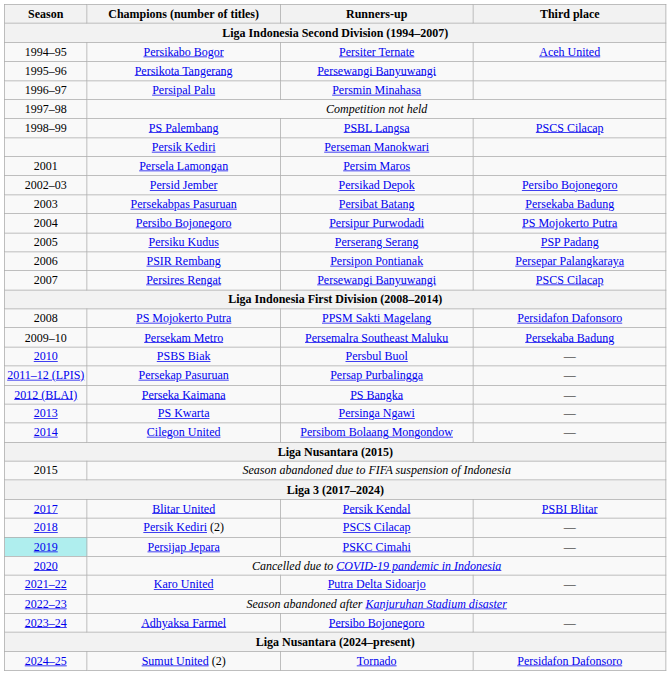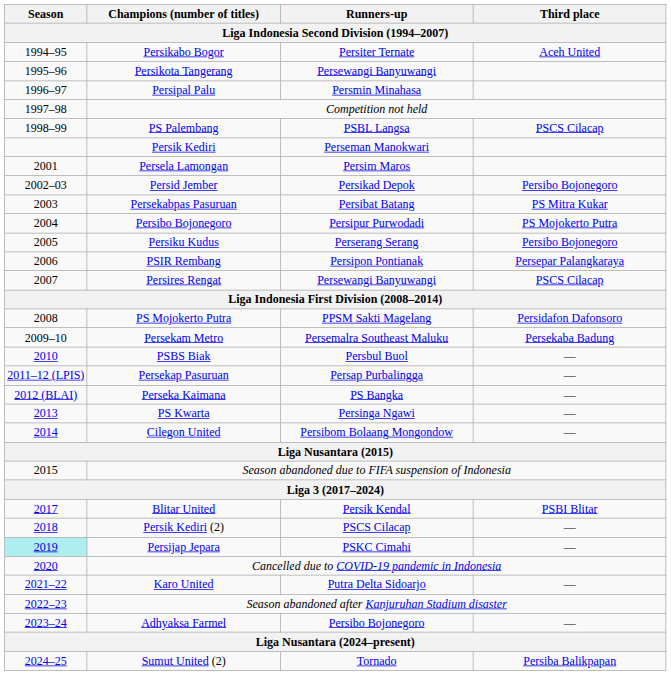 <table class="wikitable" style="text-align: center; white-space: nowrap;">
 <tr>
 <th width="80">Season</th>
 <th width="250">Champions (number of titles)</th>
 <th width="250">Runners-up</th>
 <th width="250">Third place</th>
 </tr>
 <tr>
 <th colspan="4">Liga Indonesia Second Division (1994–2007)</th>
 </tr>
 <tr>
 <td>1994–95</td>
 <td><a href='#'>Persikabo Bogor</a></td>
 <td><a href='#'>Persiter Ternate</a></td>
 <td><a href='#'>Aceh United</a></td>
 </tr>
 <tr>
 <td>1995–96</td>
 <td><a href='#'>Persikota Tangerang</a></td>
 <td><a href='#'>Persewangi Banyuwangi</a></td>
 <td></td>
 </tr>
 <tr>
 <td>1996–97</td>
 <td><a href='#'>Persipal Palu</a></td>
 <td><a href='#'>Persmin Minahasa</a></td>
 <td></td>
 </tr>
 <tr>
 <td>1997–98</td>
 <td colspan="3"><em>Competition not held</em></td>
 </tr>
 <tr>
 <td>1998–99</td>
 <td><a href='#'>PS Palembang</a></td>
 <td><a href='#'>PSBL Langsa</a></td>
 <td><a href='#'>PSCS Cilacap</a></td>
 </tr>
 <tr>
 <td></td>
 <td><a href='#'>Persik Kediri</a></td>
 <td><a href='#'>Perseman Manokwari</a></td>
 <td></td>
 </tr>
 <tr>
 <td>2001</td>
 <td><a href='#'>Persela Lamongan</a></td>
 <td><a href='#'>Persim Maros</a></td>
 <td></td>
 </tr>
 <tr>
 <td>2002–03</td>
 <td><a href='#'>Persid Jember</a></td>
 <td><a href='#'>Persikad Depok</a></td>
 <td><a href='#'>Persibo Bojonegoro</a></td>
 </tr>
 <tr>
 <td>2003</td>
 <td><a href='#'>Persekabpas Pasuruan</a></td>
 <td><a href='#'>Persibat Batang</a></td>
-<td><a href='#'>Persekaba Badung </a></td>
+<td><a href='#'>PS Mitra Kukar</a></td>
 </tr>
 <tr>
 <td>2004</td>
 <td><a href='#'>Persibo Bojonegoro</a></td>
 <td><a href='#'>Persipur Purwodadi</a></td>
 <td><a href='#'>PS Mojokerto Putra</a></td>
 </tr>
 <tr>
 <td>2005</td>
 <td><a href='#'>Persiku Kudus</a></td>
 <td><a href='#'>Perserang Serang</a></td>
-<td><a href='#'>PSP Padang</a></td>
+<td><a href='#'>Persibo Bojonegoro</a></td>
 </tr>
 <tr>
 <td>2006</td>
 <td><a href='#'>PSIR Rembang</a></td>
 <td><a href='#'>Persipon Pontianak</a></td>
 <td><a href='#'>Persepar Palangkaraya</a></td>
 </tr>
 <tr>
 <td>2007</td>
 <td><a href='#'>Persires Rengat</a></td>
 <td><a href='#'>Persewangi Banyuwangi</a></td>
 <td><a href='#'>PSCS Cilacap</a></td>
 </tr>
 <tr>
 <th colspan="4">Liga Indonesia First Division (2008–2014)</th>
 </tr>
 <tr>
 <td>2008</td>
 <td><a href='#'>PS Mojokerto Putra</a></td>
 <td><a href='#'>PPSM Sakti Magelang</a></td>
 <td><a href='#'>Persidafon Dafonsoro</a></td>
 </tr>
 <tr>
 <td>2009–10</td>
 <td><a href='#'>Persekam Metro</a></td>
 <td><a href='#'>Persemalra Southeast Maluku</a></td>
 <td><a href='#'>Persekaba Badung </a></td>
 </tr>
 <tr>
 <td><a href='#'>2010</a></td>
 <td><a href='#'>PSBS Biak</a></td>
 <td><a href='#'>Persbul Buol</a></td>
 <td>—</td>
 </tr>
 <tr>
 <td><a href='#'>2011–12 (LPIS)</a></td>
 <td><a href='#'>Persekap Pasuruan</a></td>
 <td><a href='#'>Persap Purbalingga</a></td>
 <td>—</td>
 </tr>
 <tr>
 <td><a href='#'>2012 (BLAI)</a></td>
 <td><a href='#'>Perseka Kaimana</a></td>
 <td><a href='#'>PS Bangka</a></td>
 <td>—</td>
 </tr>
 <tr>
 <td><a href='#'>2013</a></td>
 <td><a href='#'>PS Kwarta</a></td>
 <td><a href='#'>Persinga Ngawi</a></td>
 <td>—</td>
 </tr>
 <tr>
 <td><a href='#'>2014</a></td>
 <td><a href='#'>Cilegon United</a></td>
 <td><a href='#'>Persibom Bolaang Mongondow</a></td>
 <td>—</td>
 </tr>
 <tr>
 <th colspan="4">Liga Nusantara (2015)</th>
 </tr>
 <tr>
 <td>2015</td>
 <td colspan="3" align="center"><em>Season abandoned due to FIFA suspension of Indonesia</em></td>
 </tr>
 <tr>
 <th colspan="4">Liga 3 (2017–2024)</th>
 </tr>
 <tr>
 <td><a href='#'>2017</a></td>
 <td><a href='#'>Blitar United</a></td>
 <td><a href='#'>Persik Kendal</a></td>
 <td><a href='#'>PSBI Blitar</a></td>
 </tr>
 <tr>
 <td><a href='#'>2018</a></td>
 <td><a href='#'>Persik Kediri</a> (2)</td>
 <td><a href='#'>PSCS Cilacap</a></td>
 <td>—</td>
 </tr>
 <tr>
 <td style="background: paleturquoise;"><a href='#'>2019</a></td>
 <td><a href='#'>Persijap Jepara</a></td>
 <td><a href='#'>PSKC Cimahi</a></td>
 <td>—</td>
 </tr>
 <tr>
 <td><a href='#'>2020</a></td>
 <td colspan="3" align="center"><em>Cancelled due to <a href='#'>COVID-19 pandemic in Indonesia</a></em></td>
 </tr>
 <tr>
 <td><a href='#'>2021–22</a></td>
 <td><a href='#'>Karo United</a></td>
 <td><a href='#'>Putra Delta Sidoarjo</a></td>
 <td>—</td>
 </tr>
 <tr>
 <td><a href='#'>2022–23</a></td>
 <td colspan="3" align="center"><em>Season abandoned after <a href='#'>Kanjuruhan Stadium disaster</a></em></td>
 </tr>
 <tr>
 <td><a href='#'>2023–24</a></td>
 <td><a href='#'>Adhyaksa Farmel</a></td>
 <td><a href='#'>Persibo Bojonegoro</a></td>
 <td>—</td>
 </tr>
 <tr>
 <th colspan="4">Liga Nusantara (2024–present)</th>
 </tr>
 <tr>
 <td><a href='#'>2024–25</a></td>
 <td><a href='#'>Sumut United</a> (2)</td>
 <td><a href='#'>Tornado</a></td>
-<td><a href='#'>Persidafon Dafonsoro</a></td>
+<td><a href='#'>Persiba Balikpapan</a></td>
 </tr>
 </table>
